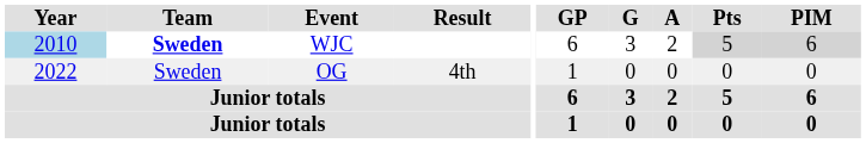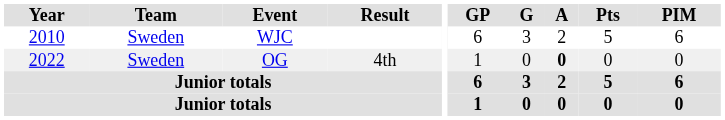 <table border="0" cellpadding="1" cellspacing="0" ID="Table3" style="text-align:center; width:40em">
 <tr align="center" bgcolor="#e0e0e0">
 <th>Year</th>
 <th>Team</th>
 <th>Event</th>
 <th>Result</th>
 <th rowspan="99" bgcolor="#ffffff"></th>
 <th>GP</th>
 <th>G</th>
 <th>A</th>
 <th>Pts</th>
 <th>PIM</th>
 </tr>
 <tr>
-<td style="background: lightblue;"><a href='#'>2010</a></td>
-<td><strong><a href='#'>Sweden</a></strong></td>
+<td><a href='#'>2010</a></td>
+<td><a href='#'>Sweden</a></td>
 <td><a href='#'>WJC</a></td>
 <td></td>
 <td>6</td>
 <td>3</td>
 <td>2</td>
-<td style="background: lightgrey;">5</td>
-<td style="background: lightgrey;">6</td>
+<td>5</td>
+<td>6</td>
 </tr>
 <tr bgcolor="#f0f0f0">
 <td><a href='#'>2022</a></td>
 <td><a href='#'>Sweden</a></td>
 <td><a href='#'>OG</a></td>
 <td>4th</td>
 <td>1</td>
 <td>0</td>
-<td>0</td>
+<td><strong>0</strong></td>
 <td>0</td>
 <td>0</td>
 </tr>
 <tr bgcolor="#e0e0e0">
 <th colspan="4">Junior totals</th>
 <th>6</th>
 <th>3</th>
 <th>2</th>
 <th>5</th>
 <th>6</th>
 </tr>
 <tr bgcolor="#e0e0e0">
 <th colspan="4">Junior totals</th>
 <th>1</th>
 <th>0</th>
 <th>0</th>
 <th>0</th>
 <th>0</th>
 </tr>
 </table>
